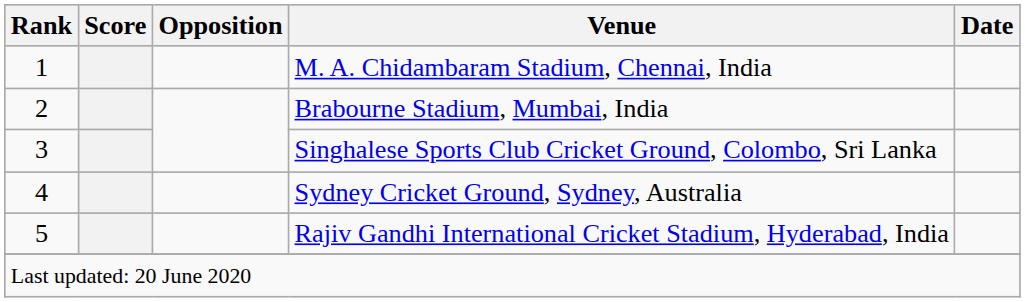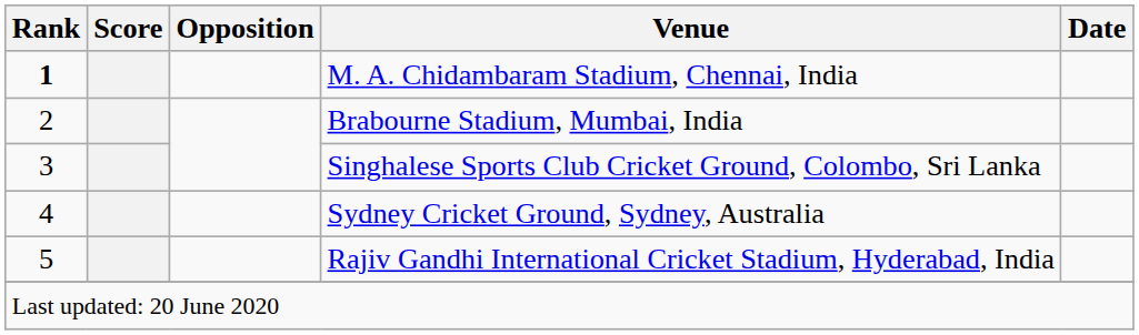 <table class="wikitable sortable">
 <tr>
 <th scope=col>Rank</th>
 <th scope=col>Score</th>
 <th scope=col>Opposition</th>
 <th scope=col>Venue</th>
 <th scope=col>Date</th>
 </tr>
 <tr>
-<td align=center>1</td>
+<td align=center><strong>1</strong></td>
 <th scope=row style=text-align:center;></th>
 <td></td>
 <td><a href='#'>M. A. Chidambaram Stadium</a>, <a href='#'>Chennai</a>, India</td>
 <td></td>
 </tr>
 <tr>
 <td align=center>2</td>
 <th scope=row style=text-align:center;></th>
 <td rowspan=2></td>
 <td><a href='#'>Brabourne Stadium</a>, <a href='#'>Mumbai</a>, India</td>
 <td></td>
 </tr>
 <tr>
 <td align=center>3</td>
 <th scope=row style=text-align:center;></th>
 <td><a href='#'>Singhalese Sports Club Cricket Ground</a>, <a href='#'>Colombo</a>, Sri Lanka</td>
 <td></td>
 </tr>
 <tr>
 <td align=center>4</td>
 <th scope=row style=text-align:center;></th>
 <td></td>
 <td><a href='#'>Sydney Cricket Ground</a>, <a href='#'>Sydney</a>, Australia</td>
 <td></td>
 </tr>
 <tr>
 <td align=center>5</td>
 <th scope=row style=text-align:center;></th>
 <td></td>
 <td><a href='#'>Rajiv Gandhi International Cricket Stadium</a>, <a href='#'>Hyderabad</a>, India</td>
 <td></td>
 </tr>
 <tr>
 </tr>
 <tr class=sortbottom>
 <td colspan=5><small>Last updated: 20 June 2020</small></td>
 </tr>
 </table>
